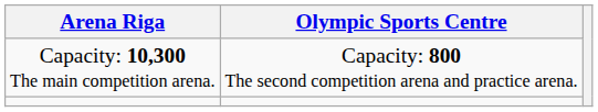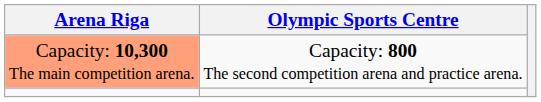 <table class="wikitable" style="text-align:center;">
 <tr>
 <th><a href='#'>Arena Riga</a></th>
 <th><a href='#'>Olympic Sports Centre</a></th>
 <th rowspan=3></th>
 </tr>
 <tr>
-<td>Capacity: <strong>10,300</strong><br><small>The main competition arena.</small></td>
+<td style="background: lightsalmon;">Capacity: <strong>10,300</strong><br><small>The main competition arena.</small></td>
 <td>Capacity: <strong>800</strong><br><small>The second competition arena and practice arena.</small></td>
 </tr>
 <tr>
 <td></td>
 <td></td>
 </tr>
 </table>
